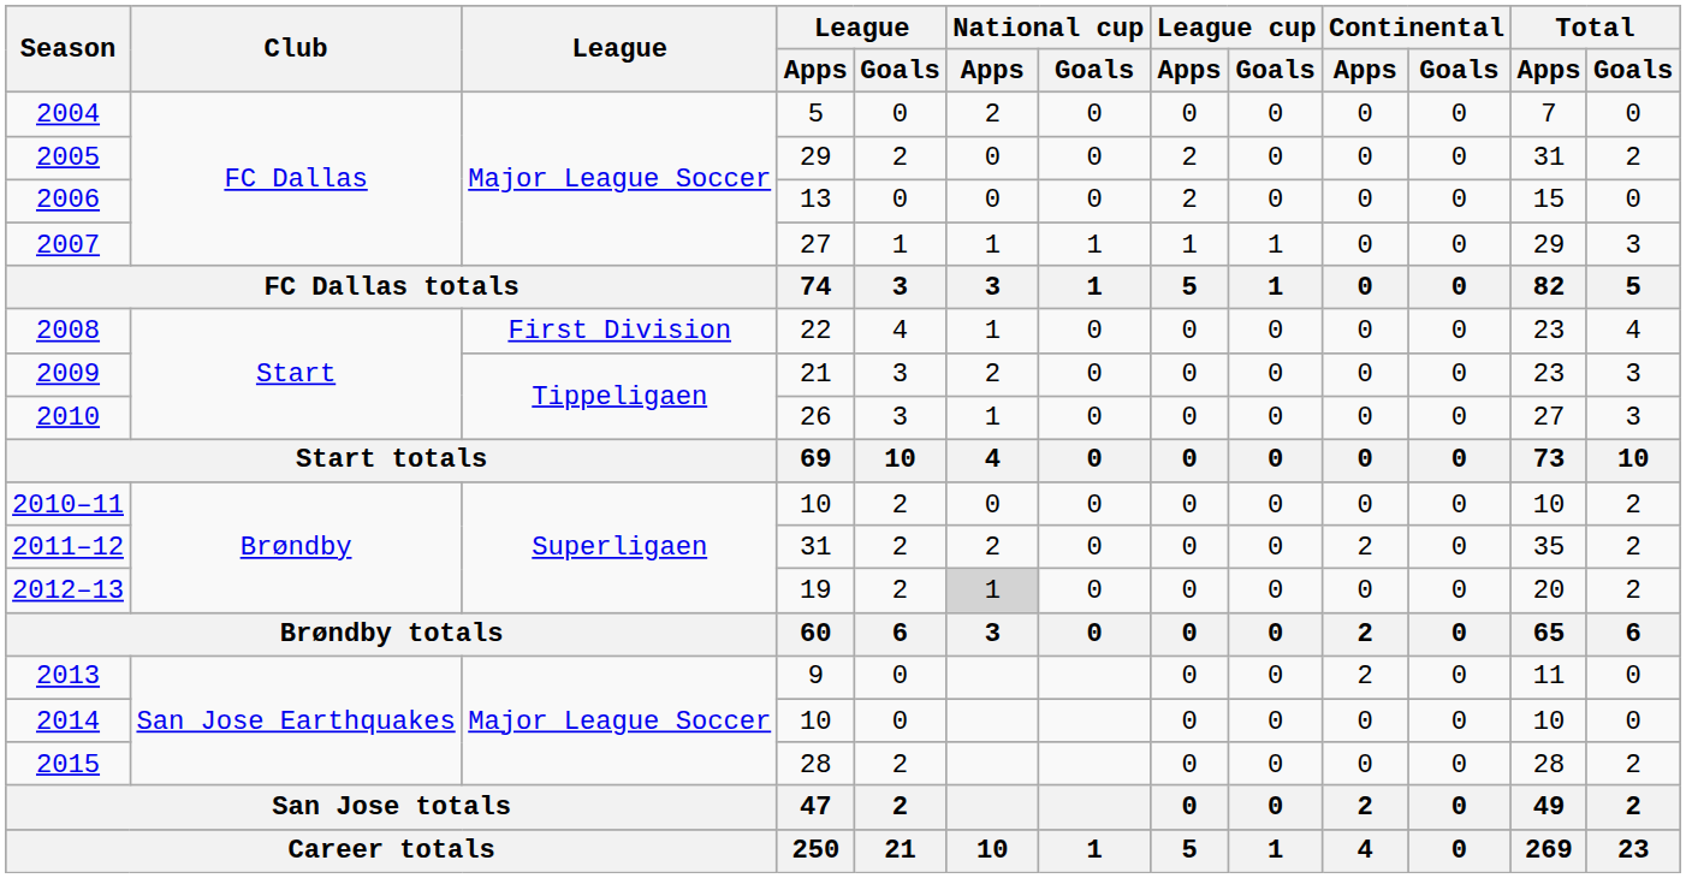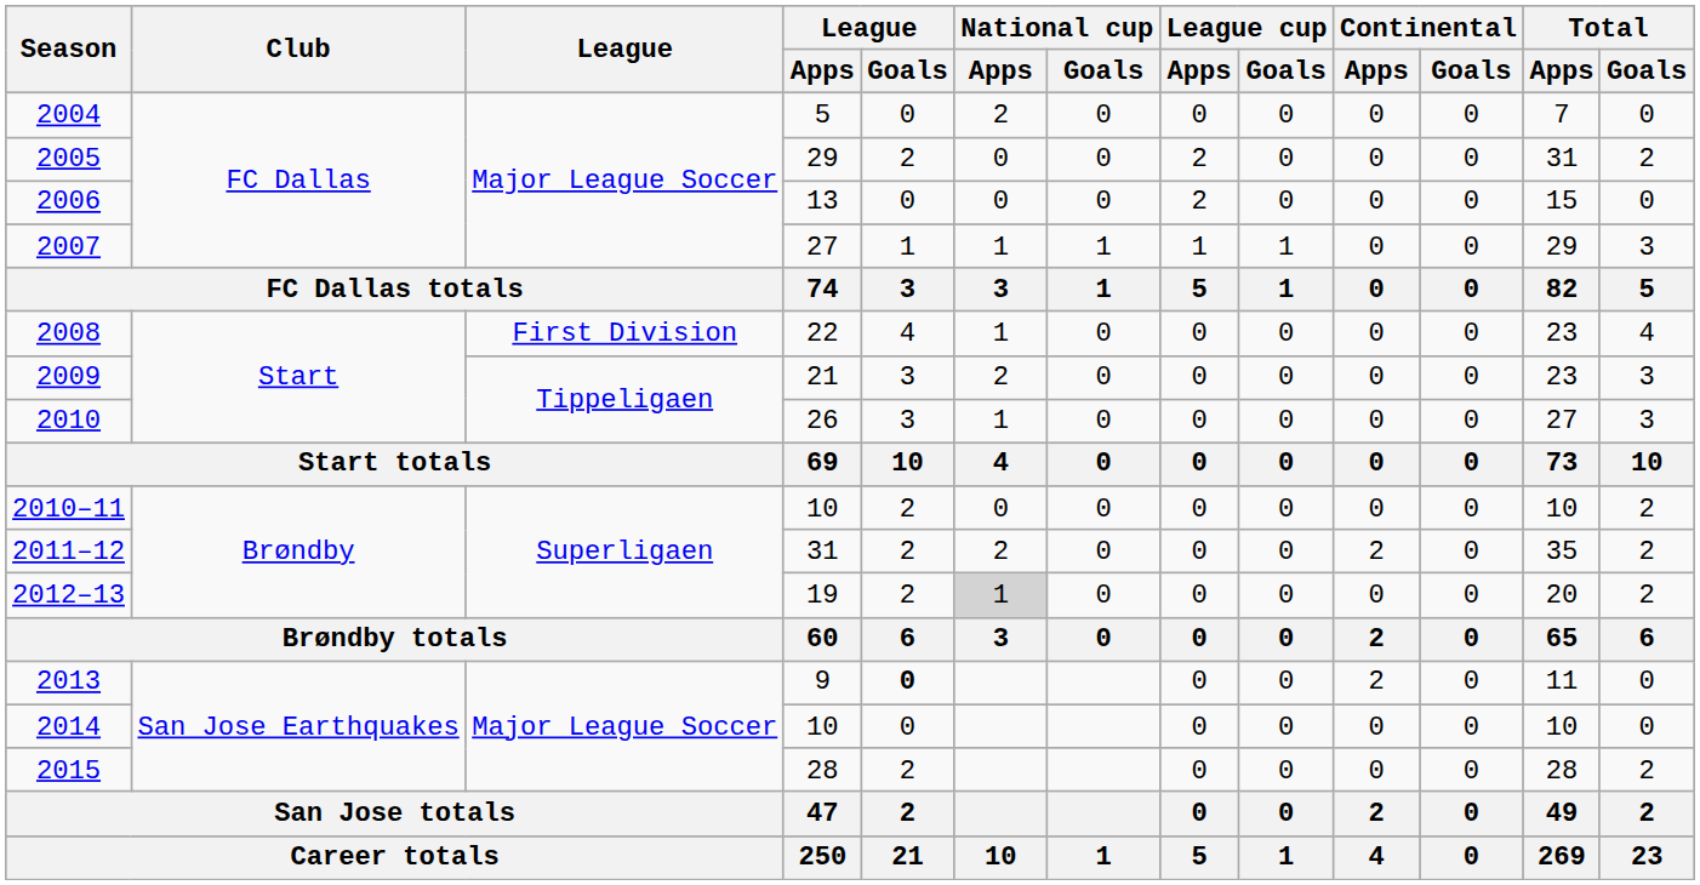 <table class="wikitable" style="text-align:center">
 <tr>
 <th rowspan=2>Season</th>
 <th rowspan=2>Club</th>
 <th rowspan=2>League</th>
 <th colspan=2>League</th>
 <th colspan=2>National cup</th>
 <th colspan=2>League cup</th>
 <th colspan=2>Continental</th>
 <th colspan=2>Total</th>
 </tr>
 <tr>
 <th>Apps</th>
 <th>Goals</th>
 <th>Apps</th>
 <th>Goals</th>
 <th>Apps</th>
 <th>Goals</th>
 <th>Apps</th>
 <th>Goals</th>
 <th>Apps</th>
 <th>Goals</th>
 </tr>
 <tr>
 <td><a href='#'>2004</a></td>
 <td rowspan="4"><a href='#'>FC Dallas</a></td>
 <td rowspan="4"><a href='#'>Major League Soccer</a></td>
 <td>5</td>
 <td>0</td>
 <td>2</td>
 <td>0</td>
 <td>0</td>
 <td>0</td>
 <td>0</td>
 <td>0</td>
 <td>7</td>
 <td>0</td>
 </tr>
 <tr>
 <td><a href='#'>2005</a></td>
 <td>29</td>
 <td>2</td>
 <td>0</td>
 <td>0</td>
 <td>2</td>
 <td>0</td>
 <td>0</td>
 <td>0</td>
 <td>31</td>
 <td>2</td>
 </tr>
 <tr>
 <td><a href='#'>2006</a></td>
 <td>13</td>
 <td>0</td>
 <td>0</td>
 <td>0</td>
 <td>2</td>
 <td>0</td>
 <td>0</td>
 <td>0</td>
 <td>15</td>
 <td>0</td>
 </tr>
 <tr>
 <td><a href='#'>2007</a></td>
 <td>27</td>
 <td>1</td>
 <td>1</td>
 <td>1</td>
 <td>1</td>
 <td>1</td>
 <td>0</td>
 <td>0</td>
 <td>29</td>
 <td>3</td>
 </tr>
 <tr>
 <th colspan=3>FC Dallas totals</th>
 <th>74</th>
 <th>3</th>
 <th>3</th>
 <th>1</th>
 <th>5</th>
 <th>1</th>
 <th>0</th>
 <th>0</th>
 <th>82</th>
 <th>5</th>
 </tr>
 <tr>
 <td><a href='#'>2008</a></td>
 <td rowspan=3><a href='#'>Start</a></td>
 <td><a href='#'>First Division</a></td>
 <td>22</td>
 <td>4</td>
 <td>1</td>
 <td>0</td>
 <td>0</td>
 <td>0</td>
 <td>0</td>
 <td>0</td>
 <td>23</td>
 <td>4</td>
 </tr>
 <tr>
 <td><a href='#'>2009</a></td>
 <td rowspan=2><a href='#'>Tippeligaen</a></td>
 <td>21</td>
 <td>3</td>
 <td>2</td>
 <td>0</td>
 <td>0</td>
 <td>0</td>
 <td>0</td>
 <td>0</td>
 <td>23</td>
 <td>3</td>
 </tr>
 <tr>
 <td><a href='#'>2010</a></td>
 <td>26</td>
 <td>3</td>
 <td>1</td>
 <td>0</td>
 <td>0</td>
 <td>0</td>
 <td>0</td>
 <td>0</td>
 <td>27</td>
 <td>3</td>
 </tr>
 <tr>
 <th colspan=3>Start totals</th>
 <th>69</th>
 <th>10</th>
 <th>4</th>
 <th>0</th>
 <th>0</th>
 <th>0</th>
 <th>0</th>
 <th>0</th>
 <th>73</th>
 <th>10</th>
 </tr>
 <tr>
 <td><a href='#'>2010–11</a></td>
 <td rowspan=3><a href='#'>Brøndby</a></td>
 <td rowspan=3><a href='#'>Superligaen</a></td>
 <td>10</td>
 <td>2</td>
 <td>0</td>
 <td>0</td>
 <td>0</td>
 <td>0</td>
 <td>0</td>
 <td>0</td>
 <td>10</td>
 <td>2</td>
 </tr>
 <tr>
 <td><a href='#'>2011–12</a></td>
 <td>31</td>
 <td>2</td>
 <td>2</td>
 <td>0</td>
 <td>0</td>
 <td>0</td>
 <td>2</td>
 <td>0</td>
 <td>35</td>
 <td>2</td>
 </tr>
 <tr>
 <td><a href='#'>2012–13</a></td>
 <td>19</td>
 <td>2</td>
 <td style="background: lightgrey;">1</td>
 <td>0</td>
 <td>0</td>
 <td>0</td>
 <td>0</td>
 <td>0</td>
 <td>20</td>
 <td>2</td>
 </tr>
 <tr>
 <th colspan=3>Brøndby totals</th>
 <th>60</th>
 <th>6</th>
 <th>3</th>
 <th>0</th>
 <th>0</th>
 <th>0</th>
 <th>2</th>
 <th>0</th>
 <th>65</th>
 <th>6</th>
 </tr>
 <tr>
 <td><a href='#'>2013</a></td>
 <td rowspan="3"><a href='#'>San Jose Earthquakes</a></td>
 <td rowspan="3"><a href='#'>Major League Soccer</a></td>
 <td>9</td>
-<td>0</td>
+<td><strong>0</strong></td>
 <td></td>
 <td></td>
 <td>0</td>
 <td>0</td>
 <td>2</td>
 <td>0</td>
 <td>11</td>
 <td>0</td>
 </tr>
 <tr>
 <td><a href='#'>2014</a></td>
 <td>10</td>
 <td>0</td>
 <td></td>
 <td></td>
 <td>0</td>
 <td>0</td>
 <td>0</td>
 <td>0</td>
 <td>10</td>
 <td>0</td>
 </tr>
 <tr>
 <td><a href='#'>2015</a></td>
 <td>28</td>
 <td>2</td>
 <td></td>
 <td></td>
 <td>0</td>
 <td>0</td>
 <td>0</td>
 <td>0</td>
 <td>28</td>
 <td>2</td>
 </tr>
 <tr>
 <th colspan=3>San Jose totals</th>
 <th>47</th>
 <th>2</th>
 <th></th>
 <th></th>
 <th>0</th>
 <th>0</th>
 <th>2</th>
 <th>0</th>
 <th>49</th>
 <th>2</th>
 </tr>
 <tr>
 <th colspan=3>Career totals</th>
 <th>250</th>
 <th>21</th>
 <th>10</th>
 <th>1</th>
 <th>5</th>
 <th>1</th>
 <th>4</th>
 <th>0</th>
 <th>269</th>
 <th>23</th>
 </tr>
 </table>
